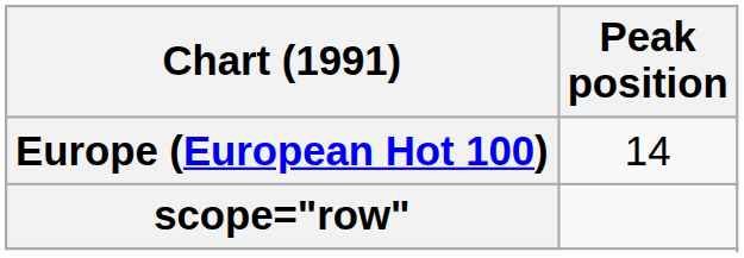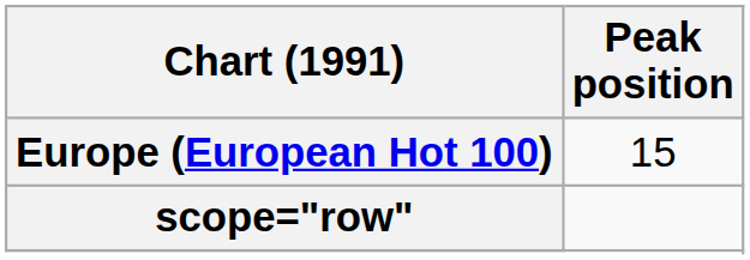 <table class="wikitable sortable plainrowheaders">
 <tr>
 <th>Chart (1991)</th>
 <th align="center">Peak<br>position</th>
 </tr>
 <tr>
 <th scope="row">Europe (<a href='#'>European Hot 100</a>)</th>
-<td align="center">14</td>
+<td align="center">15</td>
 </tr>
 <tr>
 <th>scope="row"</th>
 </tr>
 <tr>
 </tr>
 </table>
